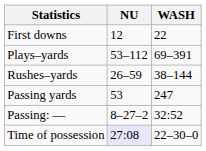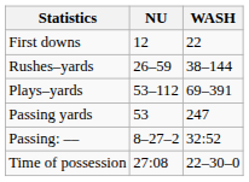 <table class="wikitable" style="float:left">
 <tr>
 <th>Statistics</th>
 <th>NU</th>
 <th>WASH</th>
 </tr>
 <tr>
 <td>First downs</td>
 <td>12</td>
 <td>22</td>
 </tr>
 <tr>
+<td>Rushes–yards</td>
+<td>26–59</td>
+<td>38–144</td>
+</tr>
+<tr>
 <td>Plays–yards</td>
 <td>53–112</td>
 <td>69–391</td>
-</tr>
-<tr>
-<td>Rushes–yards</td>
-<td>26–59</td>
-<td>38–144</td>
 </tr>
 <tr>
 <td>Passing yards</td>
 <td>53</td>
 <td>247</td>
 </tr>
 <tr>
 <td>Passing: ––</td>
 <td>8–27–2</td>
 <td>32:52</td>
 </tr>
 <tr>
 <td>Time of possession</td>
-<td style="background: lavender;">27:08</td>
+<td>27:08</td>
 <td>22–30–0</td>
 </tr>
 </table>
